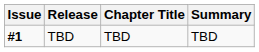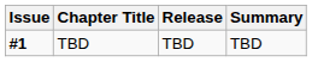 <table class="wikitable">
 <tr>
 <th><strong>Issue</strong></th>
+<th><strong>Chapter Title</strong></th>
 <th><strong>Release</strong></th>
-<th><strong>Chapter Title</strong></th>
 <th><strong>Summary</strong></th>
 </tr>
 <tr>
 <td><strong>#1</strong></td>
 <td>TBD</td>
 <td>TBD</td>
 <td>TBD</td>
 </tr>
 </table>
